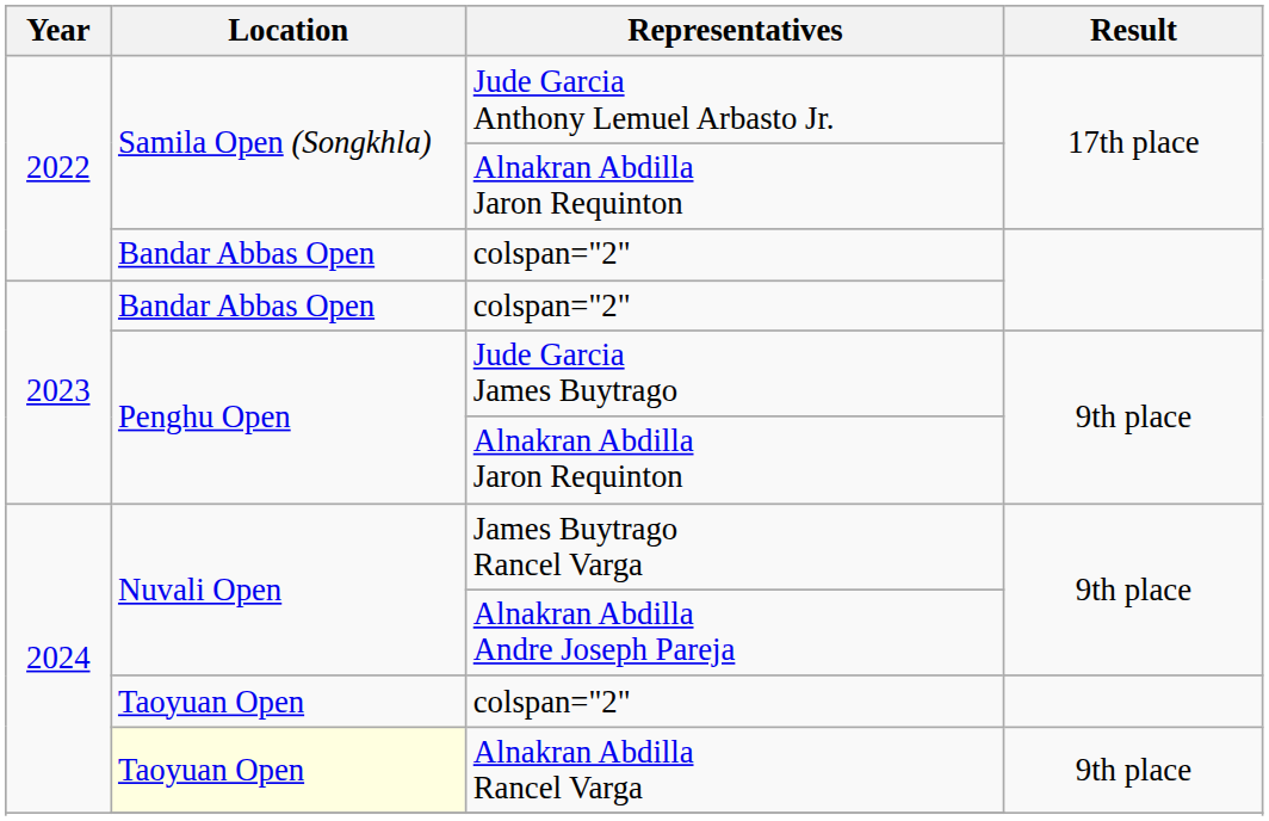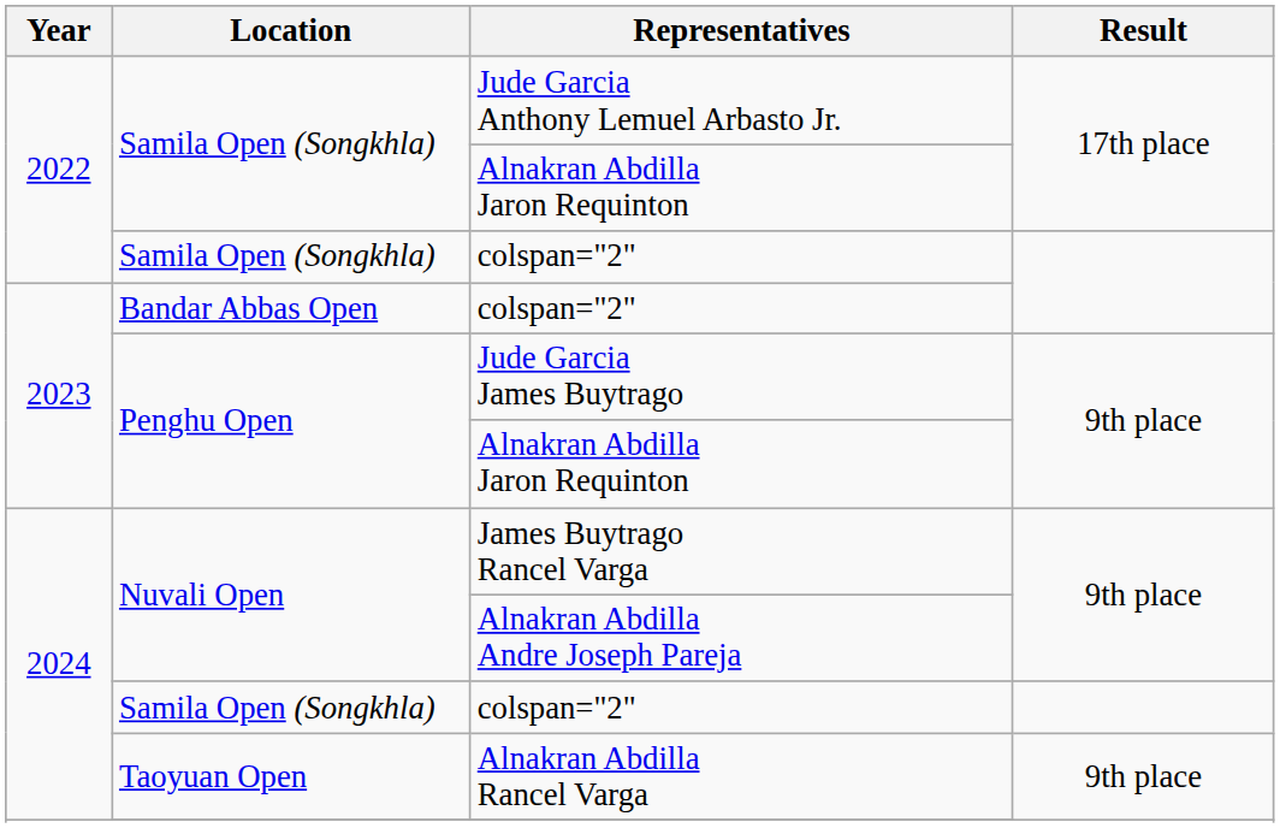 <table class="wikitable" style="font-size:100%; width:50%;">
 <tr>
 <th style= "align=center; width:10em;">Year</th>
 <th style= "align=center; width:65em;">Location</th>
 <th style= "align=center; width:100em;">Representatives</th>
 <th style= "align=center; width:50em;">Result</th>
 </tr>
 <tr>
 <td rowspan=3 align=center><a href='#'>2022</a></td>
 <td rowspan=2> <a href='#'>Samila Open</a> <em>(Songkhla)</em></td>
 <td><a href='#'>Jude Garcia</a> <br> Anthony Lemuel Arbasto Jr.</td>
 <td rowspan=2 align=center>17th place</td>
 </tr>
 <tr>
 <td><a href='#'>Alnakran Abdilla</a> <br> Jaron Requinton</td>
 </tr>
 <tr>
-<td> <a href='#'>Bandar Abbas Open</a></td>
+<td> <a href='#'>Samila Open</a> <em>(Songkhla)</em></td>
 <td>colspan="2" <small>  </small></td>
 </tr>
 <tr>
 <td rowspan=3 align=center><a href='#'>2023</a></td>
 <td> <a href='#'>Bandar Abbas Open</a></td>
 <td>colspan="2" <small>  </small></td>
 </tr>
 <tr>
 <td rowspan=2> <a href='#'>Penghu Open</a></td>
 <td><a href='#'>Jude Garcia</a> <br> James Buytrago</td>
 <td rowspan=2 align=center>9th place</td>
 </tr>
 <tr>
 <td><a href='#'>Alnakran Abdilla</a> <br> Jaron Requinton</td>
 </tr>
 <tr>
 <td rowspan=8 align=center><a href='#'>2024</a></td>
 <td rowspan=2> <a href='#'>Nuvali Open</a></td>
 <td>James Buytrago <br> Rancel Varga</td>
 <td align=center rowspan=2>9th place</td>
 </tr>
 <tr>
 <td><a href='#'>Alnakran Abdilla</a> <br> <a href='#'>Andre Joseph Pareja</a></td>
 </tr>
 <tr>
-<td> <a href='#'>Taoyuan Open</a></td>
+<td> <a href='#'>Samila Open</a> <em>(Songkhla)</em></td>
 <td>colspan="2" <small>  </small></td>
 </tr>
 <tr>
-<td style="background: lightyellow;"> <a href='#'>Taoyuan Open</a></td>
+<td> <a href='#'>Taoyuan Open</a></td>
 <td><a href='#'>Alnakran Abdilla</a> <br> Rancel Varga</td>
 <td align=center rowspan=2>9th place</td>
 </tr>
 <tr>
 </tr>
 </table>
